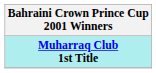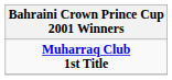 <table class="wikitable" style="text-align: center; margin: 0 auto;">
 <tr>
 <th>Bahraini Crown Prince Cup <br>2001 Winners</th>
 </tr>
 <tr>
-<td style="background: paleturquoise;"><strong><a href='#'>Muharraq Club</a></strong><br><strong>1st Title</strong></td>
+<td><strong><a href='#'>Muharraq Club</a></strong><br><strong>1st Title</strong></td>
 </tr>
 <tr>
 </tr>
 </table>
